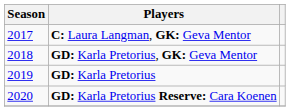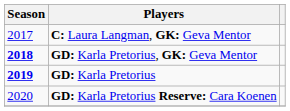 <table class="wikitable" border="1">
 <tr>
 <th>Season</th>
 <th>Players</th>
 <th></th>
 </tr>
 <tr>
 <td><a href='#'>2017</a></td>
 <td><strong>C:</strong> <a href='#'>Laura Langman</a>, <strong>GK:</strong> <a href='#'>Geva Mentor</a></td>
 <td></td>
 </tr>
 <tr>
-<td><a href='#'>2018</a></td>
+<td><strong><a href='#'>2018</a></strong></td>
 <td><strong>GD:</strong> <a href='#'>Karla Pretorius</a>, <strong>GK:</strong> <a href='#'>Geva Mentor</a></td>
 <td></td>
 </tr>
 <tr>
-<td><a href='#'>2019</a></td>
+<td><strong><a href='#'>2019</a></strong></td>
 <td><strong>GD:</strong> <a href='#'>Karla Pretorius</a></td>
 <td></td>
 </tr>
 <tr>
 <td><a href='#'>2020</a></td>
 <td><strong>GD:</strong> <a href='#'>Karla Pretorius</a> <strong>Reserve:</strong> <a href='#'>Cara Koenen</a></td>
 <td></td>
 </tr>
 <tr>
 </tr>
 </table>
